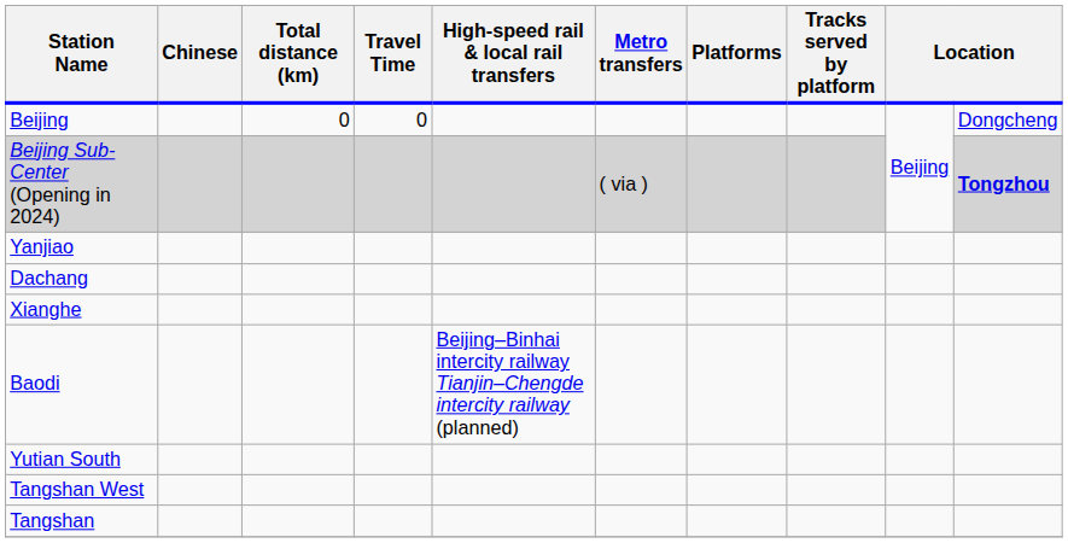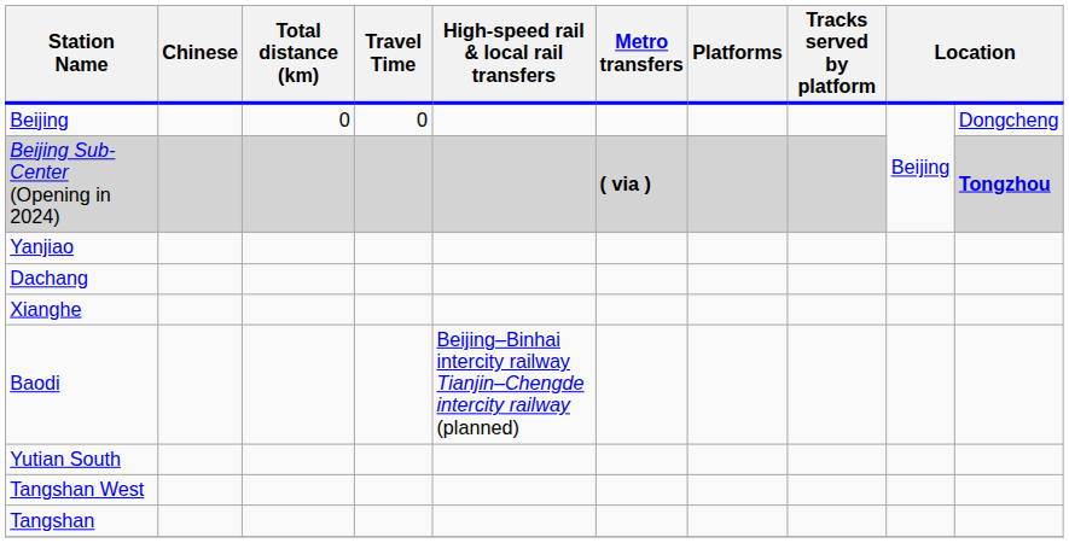 <table class="wikitable">
 <tr>
 <th style="border-bottom:3px solid blue;">Station<br>Name</th>
 <th style="border-bottom:3px solid blue;">Chinese</th>
 <th style="border-bottom:3px solid blue;">Total distance (km)</th>
 <th style="border-bottom:3px solid blue;">Travel Time</th>
 <th style="border-bottom:3px solid blue;">High-speed rail<br>& local rail transfers</th>
 <th style="border-bottom:3px solid blue;"><a href='#'>Metro</a><br>transfers</th>
 <th style="border-bottom:3px solid blue;">Platforms</th>
 <th style="border-bottom:3px solid blue;">Tracks served<br>by platform</th>
 <th style="border-bottom:3px solid blue;" colspan="3">Location</th>
 </tr>
 <tr>
 <td><a href='#'>Beijing</a></td>
 <td></td>
 <td align=right>0</td>
 <td align=right>0</td>
 <td></td>
 <td> </td>
 <td></td>
 <td></td>
 <td rowspan="2"><a href='#'>Beijing</a></td>
 <td><a href='#'>Dongcheng</a></td>
 </tr>
 <tr bgcolor="lightgrey">
 <td><em><a href='#'>Beijing Sub-Center</a></em> (Opening in 2024)</td>
 <td><em></em></td>
 <td align=right></td>
 <td align=right></td>
 <td></td>
-<td>(  via )</td>
+<td><strong>(  via )</strong></td>
 <td></td>
 <td></td>
 <td><strong><a href='#'>Tongzhou</a></strong></td>
 </tr>
 <tr>
 <td><a href='#'>Yanjiao</a></td>
 <td></td>
 <td align=right></td>
 <td align=right></td>
 <td></td>
 <td></td>
 <td></td>
 <td></td>
 <td></td>
 <td></td>
 </tr>
 <tr>
 <td><a href='#'>Dachang</a></td>
 <td></td>
 <td align=right></td>
 <td align=right></td>
 <td></td>
 <td></td>
 <td></td>
 <td></td>
 <td></td>
 <td></td>
 </tr>
 <tr>
 <td><a href='#'>Xianghe</a></td>
 <td></td>
 <td align=right></td>
 <td align=right></td>
 <td></td>
 <td></td>
 <td></td>
 <td></td>
 <td></td>
 <td></td>
 </tr>
 <tr>
 <td><a href='#'>Baodi</a></td>
 <td></td>
 <td align=right></td>
 <td align=right></td>
 <td><a href='#'>Beijing–Binhai intercity railway</a><br><em><a href='#'>Tianjin–Chengde intercity railway</a></em> (planned)</td>
 <td></td>
 <td></td>
 <td></td>
 <td></td>
 <td></td>
 </tr>
 <tr>
 <td><a href='#'>Yutian South</a></td>
 <td></td>
 <td align=right></td>
 <td align=right></td>
 <td></td>
 <td></td>
 <td></td>
 <td></td>
 <td></td>
 <td></td>
 </tr>
 <tr>
 <td><a href='#'>Tangshan West</a></td>
 <td></td>
 <td align=right></td>
 <td align=right></td>
 <td></td>
 <td></td>
 <td></td>
 <td></td>
 <td></td>
 <td></td>
 </tr>
 <tr>
 <td><a href='#'>Tangshan</a></td>
 <td></td>
 <td align=right></td>
 <td align=right></td>
 <td></td>
 <td></td>
 <td></td>
 <td></td>
 <td></td>
 <td></td>
 </tr>
 <tr>
 </tr>
 </table>
